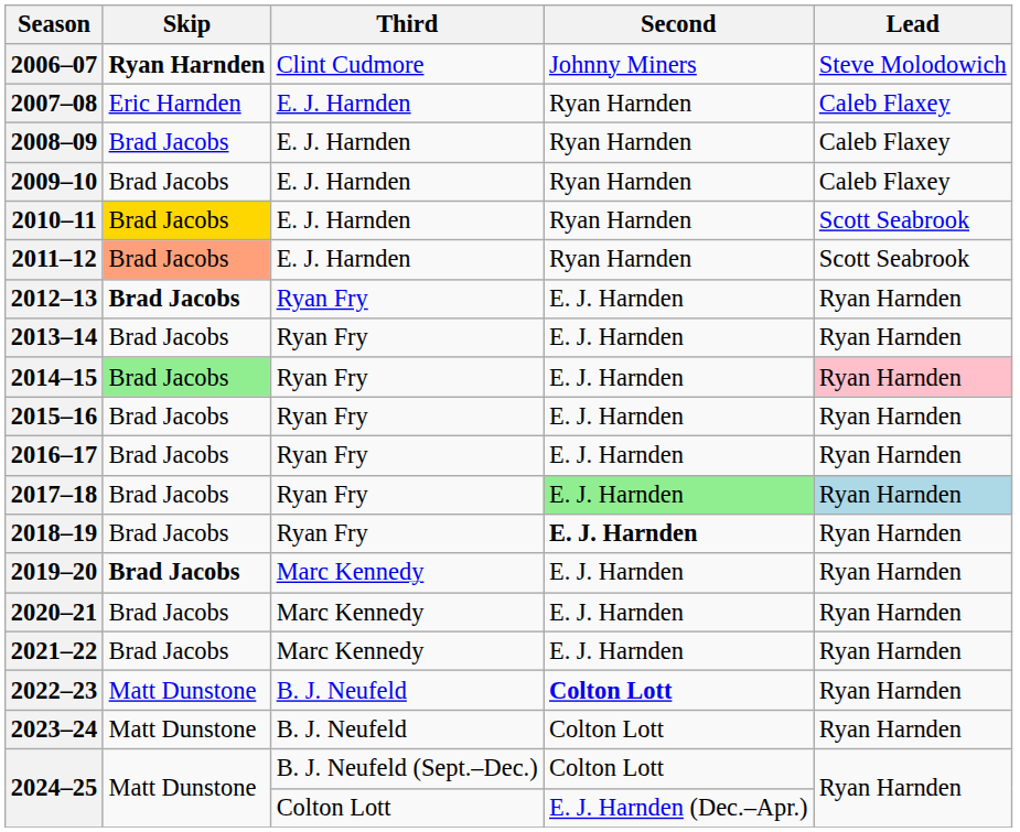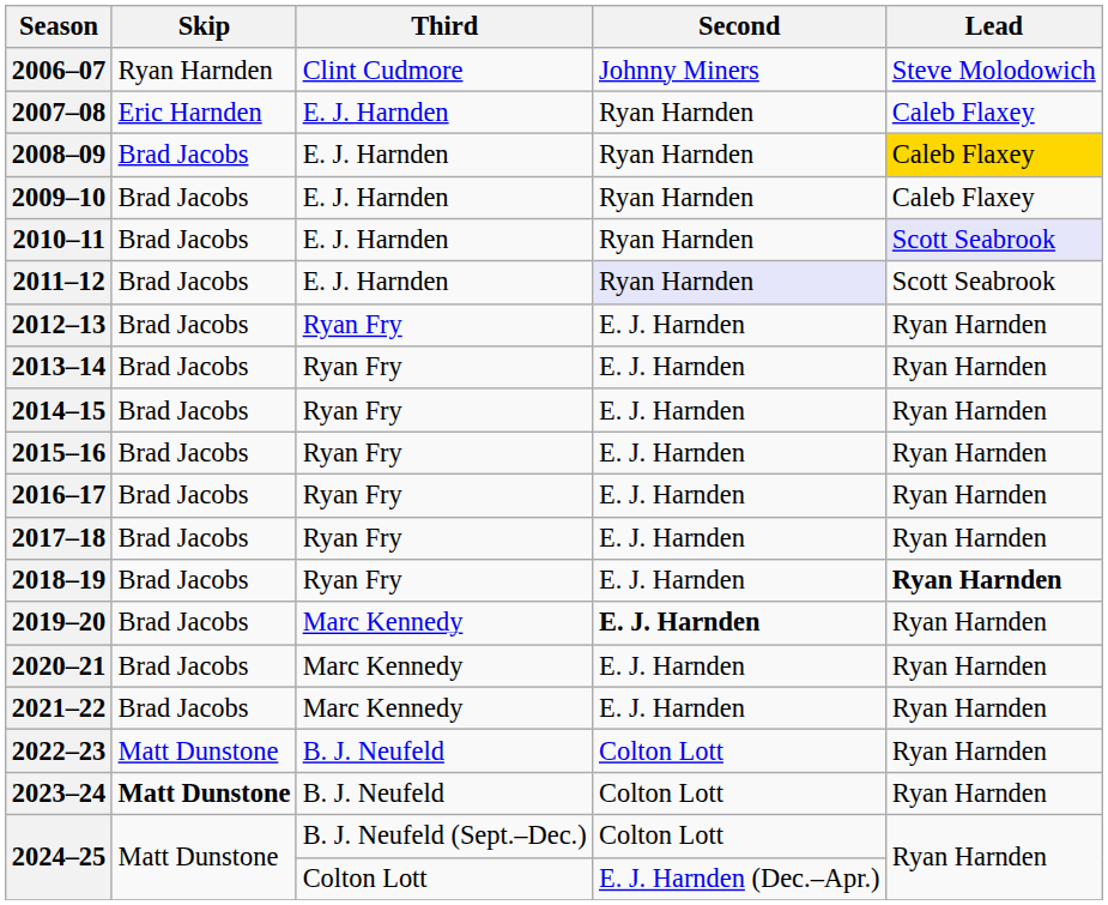 <table class="wikitable">
 <tr>
 <th scope="col">Season</th>
 <th scope="col">Skip</th>
 <th scope="col">Third</th>
 <th scope="col">Second</th>
 <th scope="col">Lead</th>
 </tr>
 <tr>
 <th scope="row">2006–07</th>
-<td><strong>Ryan Harnden</strong></td>
+<td>Ryan Harnden</td>
 <td><a href='#'>Clint Cudmore</a></td>
 <td><a href='#'>Johnny Miners</a></td>
 <td><a href='#'>Steve Molodowich</a></td>
 </tr>
 <tr>
 <th scope="row">2007–08</th>
 <td><a href='#'>Eric Harnden</a></td>
 <td><a href='#'>E. J. Harnden</a></td>
 <td>Ryan Harnden</td>
 <td><a href='#'>Caleb Flaxey</a></td>
 </tr>
 <tr>
 <th scope="row">2008–09</th>
 <td><a href='#'>Brad Jacobs</a></td>
 <td>E. J. Harnden</td>
 <td>Ryan Harnden</td>
-<td>Caleb Flaxey</td>
+<td style="background: gold;">Caleb Flaxey</td>
 </tr>
 <tr>
 <th scope="row">2009–10</th>
 <td>Brad Jacobs</td>
 <td>E. J. Harnden</td>
 <td>Ryan Harnden</td>
 <td>Caleb Flaxey</td>
 </tr>
 <tr>
 <th scope="row">2010–11</th>
-<td style="background: gold;">Brad Jacobs</td>
+<td>Brad Jacobs</td>
 <td>E. J. Harnden</td>
 <td>Ryan Harnden</td>
-<td><a href='#'>Scott Seabrook</a></td>
+<td style="background: lavender;"><a href='#'>Scott Seabrook</a></td>
 </tr>
 <tr>
 <th scope="row">2011–12</th>
-<td style="background: lightsalmon;">Brad Jacobs</td>
+<td>Brad Jacobs</td>
 <td>E. J. Harnden</td>
-<td>Ryan Harnden</td>
+<td style="background: lavender;">Ryan Harnden</td>
 <td>Scott Seabrook</td>
 </tr>
 <tr>
 <th scope="row">2012–13</th>
-<td><strong>Brad Jacobs</strong></td>
+<td>Brad Jacobs</td>
 <td><a href='#'>Ryan Fry</a></td>
 <td>E. J. Harnden</td>
 <td>Ryan Harnden</td>
 </tr>
 <tr>
 <th scope="row">2013–14</th>
 <td>Brad Jacobs</td>
 <td>Ryan Fry</td>
 <td>E. J. Harnden</td>
 <td>Ryan Harnden</td>
 </tr>
 <tr>
 <th scope="row">2014–15</th>
-<td style="background: lightgreen;">Brad Jacobs</td>
+<td>Brad Jacobs</td>
 <td>Ryan Fry</td>
 <td>E. J. Harnden</td>
-<td style="background: pink;">Ryan Harnden</td>
+<td>Ryan Harnden</td>
 </tr>
 <tr>
 <th scope="row">2015–16</th>
 <td>Brad Jacobs</td>
 <td>Ryan Fry</td>
 <td>E. J. Harnden</td>
 <td>Ryan Harnden</td>
 </tr>
 <tr>
 <th scope="row">2016–17</th>
 <td>Brad Jacobs</td>
 <td>Ryan Fry</td>
 <td>E. J. Harnden</td>
 <td>Ryan Harnden</td>
 </tr>
 <tr>
 <th scope="row">2017–18</th>
 <td>Brad Jacobs</td>
 <td>Ryan Fry</td>
-<td style="background: lightgreen;">E. J. Harnden</td>
-<td style="background: lightblue;">Ryan Harnden</td>
+<td>E. J. Harnden</td>
+<td>Ryan Harnden</td>
 </tr>
 <tr>
 <th scope="row">2018–19</th>
 <td>Brad Jacobs</td>
 <td>Ryan Fry</td>
-<td><strong>E. J. Harnden</strong></td>
-<td>Ryan Harnden</td>
+<td>E. J. Harnden</td>
+<td><strong>Ryan Harnden</strong></td>
 </tr>
 <tr>
 <th scope="row">2019–20</th>
-<td><strong>Brad Jacobs</strong></td>
+<td>Brad Jacobs</td>
 <td><a href='#'>Marc Kennedy</a></td>
-<td>E. J. Harnden</td>
+<td><strong>E. J. Harnden</strong></td>
 <td>Ryan Harnden</td>
 </tr>
 <tr>
 <th scope="row">2020–21</th>
 <td>Brad Jacobs</td>
 <td>Marc Kennedy</td>
 <td>E. J. Harnden</td>
 <td>Ryan Harnden</td>
 </tr>
 <tr>
 <th scope="row">2021–22</th>
 <td>Brad Jacobs</td>
 <td>Marc Kennedy</td>
 <td>E. J. Harnden</td>
 <td>Ryan Harnden</td>
 </tr>
 <tr>
 <th scope="row">2022–23</th>
 <td><a href='#'>Matt Dunstone</a></td>
 <td><a href='#'>B. J. Neufeld</a></td>
-<td><strong><a href='#'>Colton Lott</a></strong></td>
+<td><a href='#'>Colton Lott</a></td>
 <td>Ryan Harnden</td>
 </tr>
 <tr>
 <th scope="row">2023–24</th>
-<td>Matt Dunstone</td>
+<td><strong>Matt Dunstone</strong></td>
 <td>B. J. Neufeld</td>
 <td>Colton Lott</td>
 <td>Ryan Harnden</td>
 </tr>
 <tr>
 <th scope="row" rowspan=2>2024–25</th>
 <td rowspan=2>Matt Dunstone</td>
 <td>B. J. Neufeld (Sept.–Dec.)</td>
 <td>Colton Lott</td>
 <td rowspan=2>Ryan Harnden</td>
 </tr>
 <tr>
 <td>Colton Lott</td>
 <td><a href='#'>E. J. Harnden</a> (Dec.–Apr.)</td>
 </tr>
 </table>
